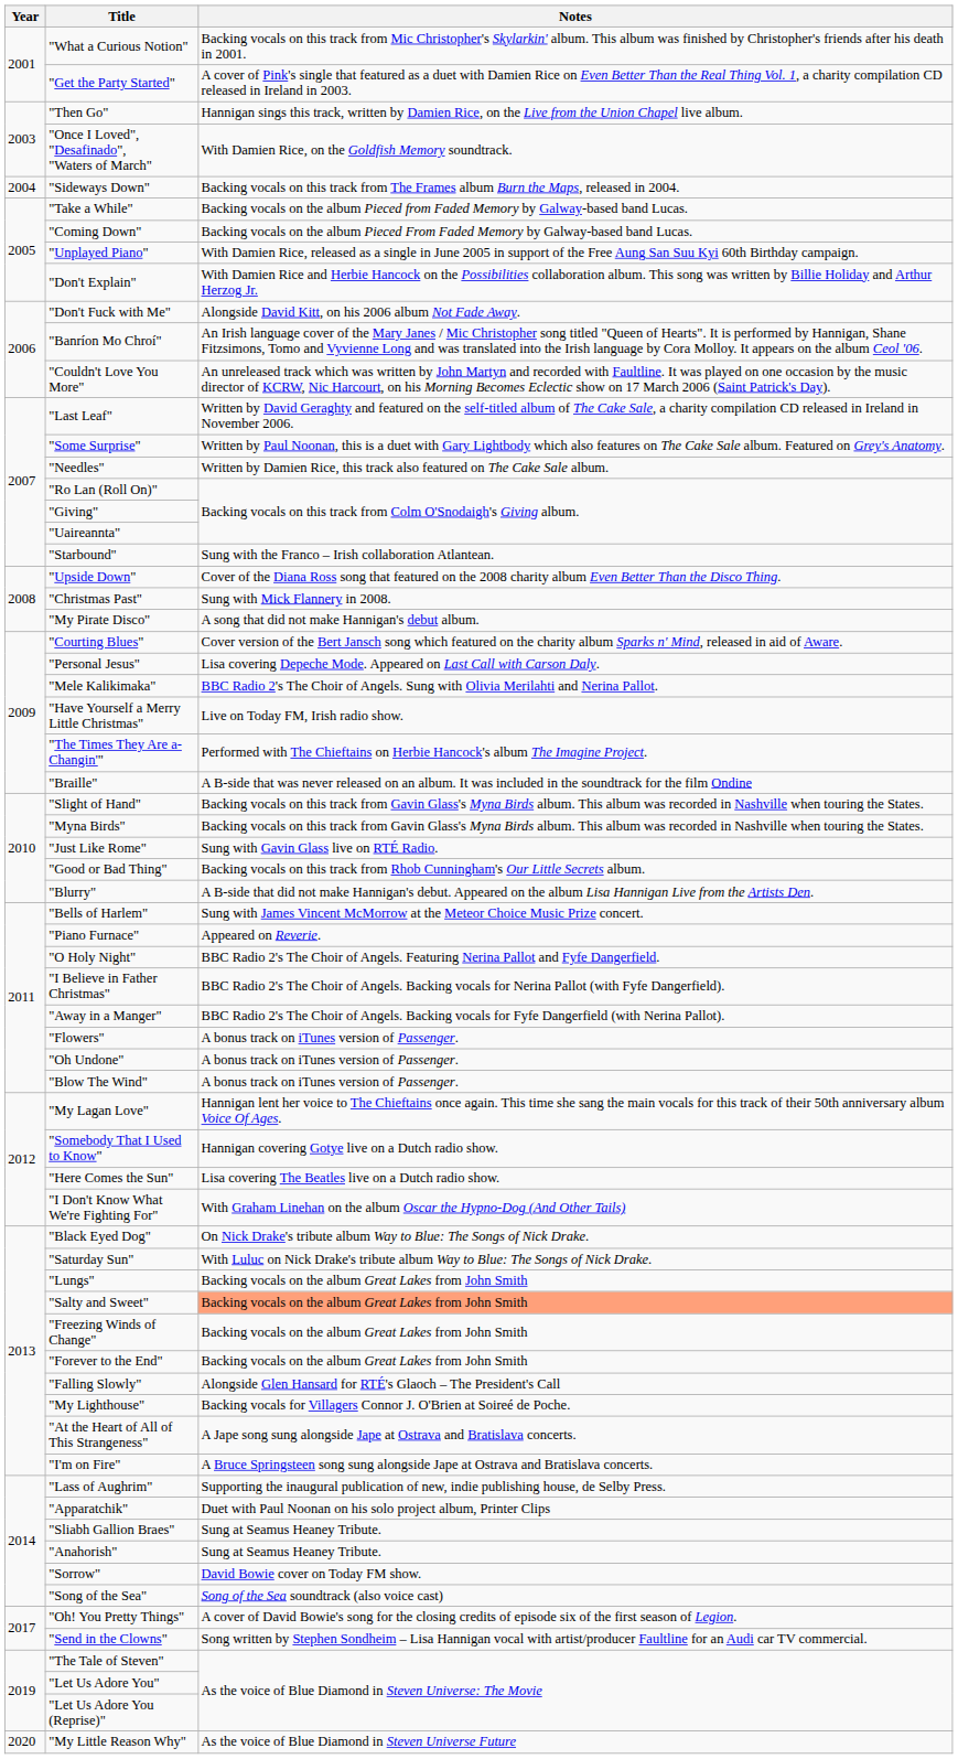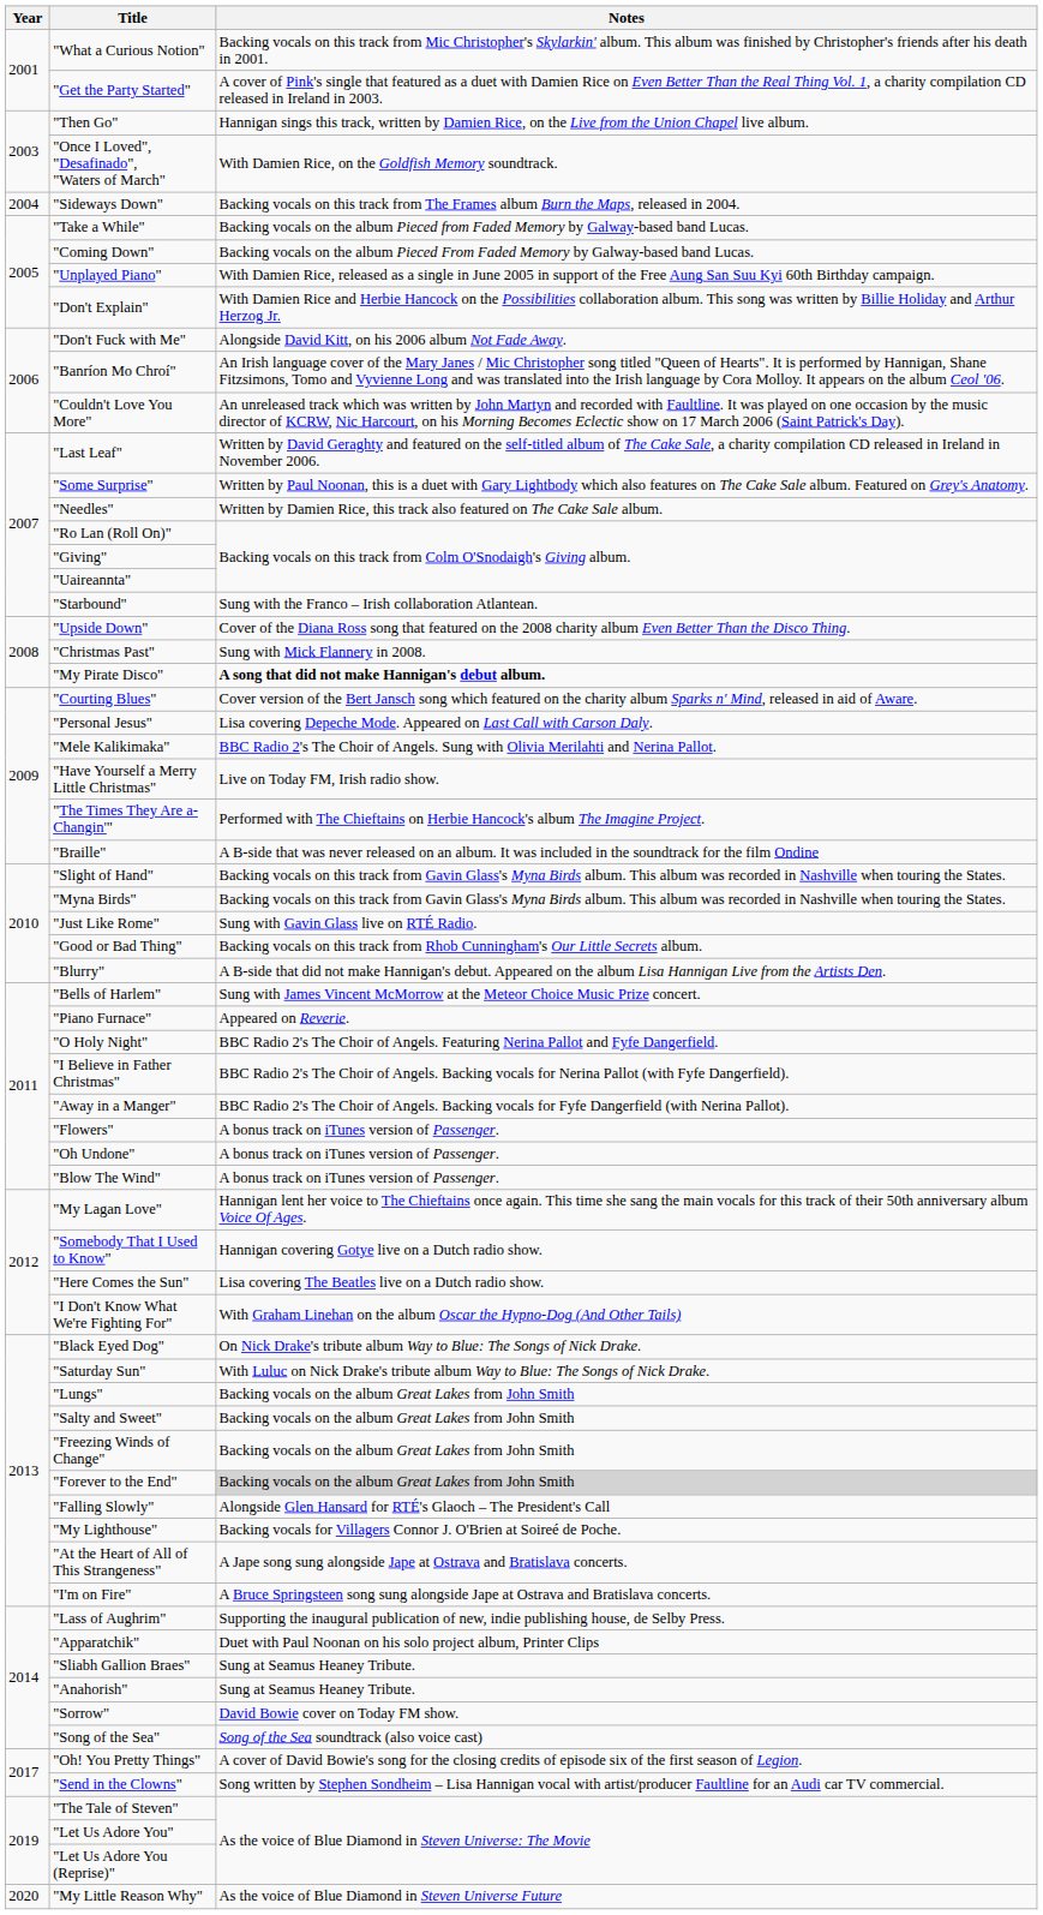 <table class="wikitable"; align="left">
 <tr bgcolor="#CCCCCC">
 <th width="40" rowspan="1">Year</th>
 <th width="170" rowspan="1">Title</th>
 <th width="870" rowspan="1">Notes</th>
 </tr>
 <tr>
 <td rowspan="2">2001</td>
 <td>"What a Curious Notion"</td>
 <td>Backing vocals on this track from <a href='#'>Mic Christopher</a>'s <em><a href='#'>Skylarkin'</a></em> album. This album was finished by Christopher's friends after his death in 2001.</td>
 </tr>
 <tr>
 <td>"<a href='#'>Get the Party Started</a>"</td>
 <td>A cover of <a href='#'>Pink</a>'s single that featured as a duet with Damien Rice on <em><a href='#'>Even Better Than the Real Thing Vol. 1</a></em>, a charity compilation CD released in Ireland in 2003.</td>
 </tr>
 <tr>
 <td rowspan="2">2003</td>
 <td>"Then Go"</td>
 <td>Hannigan sings this track, written by <a href='#'>Damien Rice</a>, on the <em><a href='#'>Live from the Union Chapel</a></em> live album.</td>
 </tr>
 <tr>
 <td>"Once I Loved", "<a href='#'>Desafinado</a>", <br>"Waters of March"</td>
 <td>With Damien Rice, on the <em><a href='#'>Goldfish Memory</a></em> soundtrack.</td>
 </tr>
 <tr>
 <td>2004</td>
 <td>"Sideways Down"</td>
 <td>Backing vocals on this track from <a href='#'>The Frames</a> album <em><a href='#'>Burn the Maps</a></em>, released in 2004.</td>
 </tr>
 <tr>
 <td rowspan="4">2005</td>
 <td>"Take a While"</td>
 <td>Backing vocals on the album <em>Pieced from Faded Memory</em> by <a href='#'>Galway</a>-based band Lucas.</td>
 </tr>
 <tr>
 <td>"Coming Down"</td>
 <td>Backing vocals on the album <em>Pieced From Faded Memory</em> by Galway-based band Lucas.</td>
 </tr>
 <tr>
 <td>"<a href='#'>Unplayed Piano</a>"</td>
 <td>With Damien Rice, released as a single in June 2005 in support of the Free <a href='#'>Aung San Suu Kyi</a> 60th Birthday campaign.</td>
 </tr>
 <tr>
 <td>"Don't Explain"</td>
 <td>With Damien Rice and <a href='#'>Herbie Hancock</a> on the <em><a href='#'>Possibilities</a></em> collaboration album. This song was written by <a href='#'>Billie Holiday</a> and <a href='#'>Arthur Herzog Jr.</a></td>
 </tr>
 <tr>
 <td rowspan="3">2006</td>
 <td>"Don't Fuck with Me"</td>
 <td>Alongside <a href='#'>David Kitt</a>, on his 2006 album <em><a href='#'>Not Fade Away</a></em>.</td>
 </tr>
 <tr>
 <td>"Banríon Mo Chroí"</td>
 <td>An Irish language cover of the <a href='#'>Mary Janes</a> / <a href='#'>Mic Christopher</a> song titled "Queen of Hearts". It is performed by Hannigan, Shane Fitzsimons, Tomo and <a href='#'>Vyvienne Long</a> and was translated into the Irish language by Cora Molloy. It appears on the album <em><a href='#'>Ceol '06</a></em>.</td>
 </tr>
 <tr>
 <td>"Couldn't Love You More"</td>
 <td>An unreleased track which was written by <a href='#'>John Martyn</a> and recorded with <a href='#'>Faultline</a>. It was played on one occasion by the music director of <a href='#'>KCRW</a>, <a href='#'>Nic Harcourt</a>, on his <em>Morning Becomes Eclectic</em> show on 17 March 2006 (<a href='#'>Saint Patrick's Day</a>).</td>
 </tr>
 <tr>
 <td rowspan="7">2007</td>
 <td>"Last Leaf"</td>
 <td>Written by <a href='#'>David Geraghty</a> and featured on the <a href='#'>self-titled album</a> of <em><a href='#'>The Cake Sale</a></em>, a charity compilation CD released in Ireland in November 2006.</td>
 </tr>
 <tr>
 <td>"<a href='#'>Some Surprise</a>"</td>
 <td>Written by <a href='#'>Paul Noonan</a>, this is a duet with <a href='#'>Gary Lightbody</a> which also features on <em>The Cake Sale</em> album. Featured on <em><a href='#'>Grey's Anatomy</a></em>.</td>
 </tr>
 <tr>
 <td>"Needles"</td>
 <td>Written by Damien Rice, this track also featured on <em>The Cake Sale</em> album.</td>
 </tr>
 <tr>
 <td>"Ro Lan (Roll On)"</td>
 <td rowspan="3">Backing vocals on this track from <a href='#'>Colm O'Snodaigh</a>'s <em><a href='#'>Giving</a></em> album.</td>
 </tr>
 <tr>
 <td>"Giving"</td>
 </tr>
 <tr>
 <td>"Uaireannta"</td>
 </tr>
 <tr>
 <td>"Starbound"</td>
 <td>Sung with the Franco – Irish collaboration Atlantean.</td>
 </tr>
 <tr>
 <td rowspan="3">2008</td>
 <td>"<a href='#'>Upside Down</a>"</td>
 <td>Cover of the <a href='#'>Diana Ross</a> song that featured on the 2008 charity album <em><a href='#'>Even Better Than the Disco Thing</a></em>.</td>
 </tr>
 <tr>
 <td>"Christmas Past"</td>
 <td>Sung with <a href='#'>Mick Flannery</a> in 2008.</td>
 </tr>
 <tr>
 <td>"My Pirate Disco"</td>
-<td>A song that did not make Hannigan's <a href='#'>debut</a> album.</td>
+<td><strong>A song that did not make Hannigan's <a href='#'>debut</a> album.</strong></td>
 </tr>
 <tr>
 <td rowspan="6">2009</td>
 <td>"<a href='#'>Courting Blues</a>"</td>
 <td>Cover version of the <a href='#'>Bert Jansch</a> song which featured on the charity album <em><a href='#'>Sparks n' Mind</a></em>, released in aid of <a href='#'>Aware</a>.</td>
 </tr>
 <tr>
 <td>"Personal Jesus"</td>
 <td>Lisa covering <a href='#'>Depeche Mode</a>. Appeared on <em><a href='#'>Last Call with Carson Daly</a></em>.</td>
 </tr>
 <tr>
 <td>"Mele Kalikimaka"</td>
 <td><a href='#'>BBC Radio 2</a>'s The Choir of Angels. Sung with <a href='#'>Olivia Merilahti</a> and <a href='#'>Nerina Pallot</a>.</td>
 </tr>
 <tr>
 <td>"Have Yourself a Merry Little Christmas"</td>
 <td>Live on Today FM, Irish radio show.</td>
 </tr>
 <tr>
 <td>"<a href='#'>The Times They Are a-Changin'</a>"</td>
 <td>Performed with <a href='#'>The Chieftains</a> on <a href='#'>Herbie Hancock</a>'s album <em><a href='#'>The Imagine Project</a></em>.</td>
 </tr>
 <tr>
 <td>"Braille"</td>
 <td>A B-side that was never released on an album. It was included in the soundtrack for the film <a href='#'>Ondine</a></td>
 </tr>
 <tr>
 <td rowspan="5">2010</td>
 <td>"Slight of Hand"</td>
 <td>Backing vocals on this track from <a href='#'>Gavin Glass</a>'s <em><a href='#'>Myna Birds</a></em> album. This album was recorded in <a href='#'>Nashville</a> when touring the States.</td>
 </tr>
 <tr>
 <td>"Myna Birds"</td>
 <td>Backing vocals on this track from Gavin Glass's <em>Myna Birds</em> album. This album was recorded in Nashville when touring the States.</td>
 </tr>
 <tr>
 <td>"Just Like Rome"</td>
 <td>Sung with <a href='#'>Gavin Glass</a> live on <a href='#'>RTÉ Radio</a>.</td>
 </tr>
 <tr>
 <td>"Good or Bad Thing"</td>
 <td>Backing vocals on this track from <a href='#'>Rhob Cunningham</a>'s <em><a href='#'>Our Little Secrets</a></em> album.</td>
 </tr>
 <tr>
 <td>"Blurry"</td>
 <td>A B-side that did not make Hannigan's debut. Appeared on the album <em>Lisa Hannigan Live from the <a href='#'>Artists Den</a></em>.</td>
 </tr>
 <tr>
 <td rowspan="8">2011</td>
 <td>"Bells of Harlem"</td>
 <td>Sung with <a href='#'>James Vincent McMorrow</a> at the <a href='#'>Meteor Choice Music Prize</a> concert.</td>
 </tr>
 <tr>
 <td>"Piano Furnace"</td>
 <td>Appeared on <em><a href='#'>Reverie</a></em>.</td>
 </tr>
 <tr>
 <td>"O Holy Night"</td>
 <td>BBC Radio 2's The Choir of Angels. Featuring <a href='#'>Nerina Pallot</a> and <a href='#'>Fyfe Dangerfield</a>.</td>
 </tr>
 <tr>
 <td>"I Believe in Father Christmas"</td>
 <td>BBC Radio 2's The Choir of Angels. Backing vocals for Nerina Pallot (with Fyfe Dangerfield).</td>
 </tr>
 <tr>
 <td>"Away in a Manger"</td>
 <td>BBC Radio 2's The Choir of Angels. Backing vocals for Fyfe Dangerfield (with Nerina Pallot).</td>
 </tr>
 <tr>
 <td>"Flowers"</td>
 <td>A bonus track on <a href='#'>iTunes</a> version of <em><a href='#'>Passenger</a></em>.</td>
 </tr>
 <tr>
 <td>"Oh Undone"</td>
 <td>A bonus track on iTunes version of <em>Passenger</em>.</td>
 </tr>
 <tr>
 <td>"Blow The Wind"</td>
 <td>A bonus track on iTunes version of <em>Passenger</em>.</td>
 </tr>
 <tr>
 <td rowspan="4">2012</td>
 <td>"My Lagan Love"</td>
 <td>Hannigan lent her voice to <a href='#'>The Chieftains</a> once again. This time she sang the main vocals for this track of their 50th anniversary album <em><a href='#'>Voice Of Ages</a></em>.</td>
 </tr>
 <tr>
 <td>"<a href='#'>Somebody That I Used to Know</a>"</td>
 <td>Hannigan covering <a href='#'>Gotye</a> live on a Dutch radio show.</td>
 </tr>
 <tr>
 <td>"Here Comes the Sun"</td>
 <td>Lisa covering <a href='#'>The Beatles</a> live on a Dutch radio show.</td>
 </tr>
 <tr>
 <td>"I Don't Know What We're Fighting For"</td>
 <td>With <a href='#'>Graham Linehan</a> on the album <em><a href='#'>Oscar the Hypno-Dog (And Other Tails)</a></em></td>
 </tr>
 <tr>
 <td rowspan="10">2013</td>
 <td>"Black Eyed Dog"</td>
 <td>On <a href='#'>Nick Drake</a>'s tribute album <em>Way to Blue: The Songs of Nick Drake</em>.</td>
 </tr>
 <tr>
 <td>"Saturday Sun"</td>
 <td>With <a href='#'>Luluc</a> on Nick Drake's tribute album <em>Way to Blue: The Songs of Nick Drake</em>.</td>
 </tr>
 <tr>
 <td>"Lungs"</td>
 <td>Backing vocals on the album <em>Great Lakes</em> from <a href='#'>John Smith</a></td>
 </tr>
 <tr>
 <td>"Salty and Sweet"</td>
-<td style="background: lightsalmon;">Backing vocals on the album <em>Great Lakes</em> from John Smith</td>
+<td>Backing vocals on the album <em>Great Lakes</em> from John Smith</td>
 </tr>
 <tr>
 <td>"Freezing Winds of Change"</td>
 <td>Backing vocals on the album <em>Great Lakes</em> from John Smith</td>
 </tr>
 <tr>
 <td>"Forever to the End"</td>
-<td>Backing vocals on the album <em>Great Lakes</em> from John Smith</td>
+<td style="background: lightgrey;">Backing vocals on the album <em>Great Lakes</em> from John Smith</td>
 </tr>
 <tr>
 <td>"Falling Slowly"</td>
 <td>Alongside <a href='#'>Glen Hansard</a> for <a href='#'>RTÉ</a>'s Glaoch – The President's Call</td>
 </tr>
 <tr>
 <td>"My Lighthouse"</td>
 <td>Backing vocals for <a href='#'>Villagers</a> Connor J. O'Brien at Soireé de Poche.</td>
 </tr>
 <tr>
 <td>"At the Heart of All of This Strangeness"</td>
 <td>A Jape song sung alongside <a href='#'>Jape</a> at <a href='#'>Ostrava</a> and <a href='#'>Bratislava</a> concerts.</td>
 </tr>
 <tr>
 <td>"I'm on Fire"</td>
 <td>A <a href='#'>Bruce Springsteen</a> song sung alongside Jape at Ostrava and Bratislava concerts.</td>
 </tr>
 <tr>
 <td rowspan="6">2014</td>
 <td>"Lass of Aughrim"</td>
 <td>Supporting the inaugural publication of new, indie publishing house, de Selby Press.</td>
 </tr>
 <tr>
 <td>"Apparatchik"</td>
 <td>Duet with Paul Noonan on his solo project album, Printer Clips</td>
 </tr>
 <tr>
 <td>"Sliabh Gallion Braes"</td>
 <td>Sung at Seamus Heaney Tribute.</td>
 </tr>
 <tr>
 <td>"Anahorish"</td>
 <td>Sung at Seamus Heaney Tribute.</td>
 </tr>
 <tr>
 <td>"Sorrow"</td>
 <td><a href='#'>David Bowie</a> cover on Today FM show.</td>
 </tr>
 <tr>
 <td>"Song of the Sea"</td>
 <td><em><a href='#'>Song of the Sea</a></em> soundtrack (also voice cast)</td>
 </tr>
 <tr>
 <td rowspan="2">2017</td>
 <td>"Oh! You Pretty Things"</td>
 <td>A cover of David Bowie's song for the closing credits of episode six of the first season of <em><a href='#'>Legion</a></em>.</td>
 </tr>
 <tr>
 <td>"<a href='#'>Send in the Clowns</a>"</td>
 <td>Song written by <a href='#'>Stephen Sondheim</a> – Lisa Hannigan vocal with artist/producer <a href='#'>Faultline</a> for an <a href='#'>Audi</a> car TV commercial.</td>
 </tr>
 <tr>
 <td rowspan="3">2019</td>
 <td>"The Tale of Steven"</td>
 <td rowspan="3">As the voice of Blue Diamond in <em><a href='#'>Steven Universe: The Movie</a></em></td>
 </tr>
 <tr>
 <td>"Let Us Adore You"</td>
 </tr>
 <tr>
 <td>"Let Us Adore You (Reprise)"</td>
 </tr>
 <tr>
 <td>2020</td>
 <td>"My Little Reason Why"</td>
 <td>As the voice of Blue Diamond in <em><a href='#'>Steven Universe Future</a></em></td>
 </tr>
 </table>
